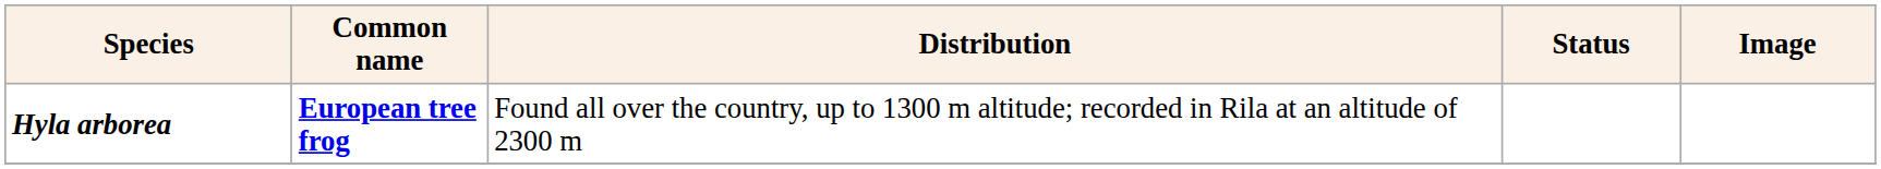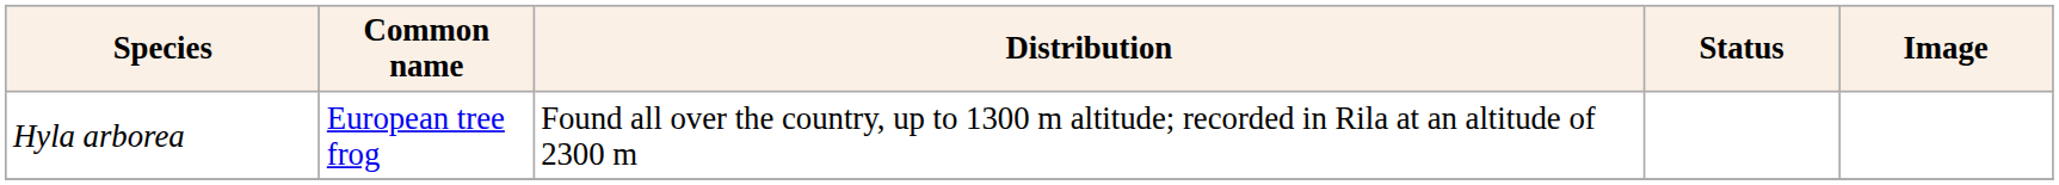 <table class="sortable wikitable plainrowheaders" border="0" style="background:#ffffff" align="top" class="sortable wikitable">
 <tr ->
 <th scope="col" style="background-color:Linen; color:Black" width=150 px>Species</th>
 <th scope="col" style="background-color:Linen; color:Black" width=100 px>Common name</th>
 <th scope="col" style="background:Linen; color:Black" width=550 px>Distribution</th>
 <th scope="col" style="background-color:Linen; color:Black" width=90 px>Status</th>
 <th scope="col" style="background:Linen; color:Black" width=100 px>Image</th>
 </tr>
 <tr>
-<td !scope="row" style="background:#ffffff"><strong><em>Hyla arborea</em></strong></td>
-<td><strong><a href='#'>European tree frog</a></strong></td>
+<td !scope="row" style="background:#ffffff"><em>Hyla arborea</em></td>
+<td><a href='#'>European tree frog</a></td>
 <td>Found all over the country, up to 1300 m altitude; recorded in Rila at an altitude of 2300 m</td>
 <td></td>
 <td></td>
 </tr>
 <tr>
 </tr>
 </table>
